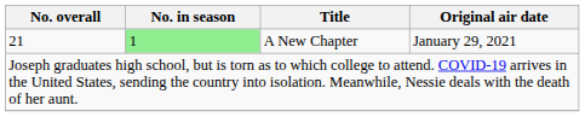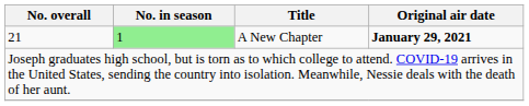 <table class="wikitable">
 <tr>
 <th>No. overall</th>
 <th>No. in season</th>
 <th>Title</th>
 <th>Original air date</th>
 </tr>
 <tr>
 <td>21</td>
 <td style="background: lightgreen;">1</td>
 <td>A New Chapter</td>
-<td>January 29, 2021</td>
+<td><strong>January 29, 2021</strong></td>
 </tr>
 <tr>
 <td colspan="4">Joseph graduates high school, but is torn as to which college to attend. <a href='#'>COVID-19</a> arrives in the United States, sending the country into isolation. Meanwhile, Nessie deals with the death of her aunt.</td>
 </tr>
 <tr>
 </tr>
 </table>
